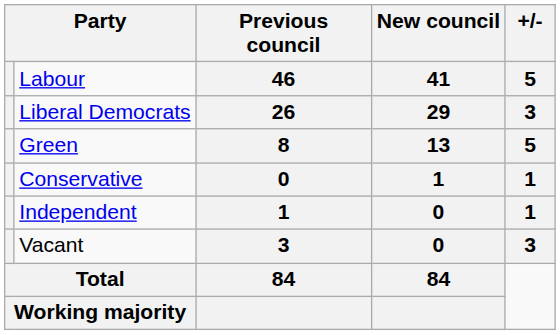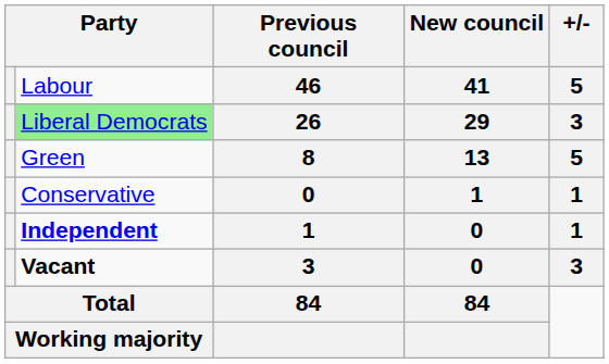 <table class="wikitable">
 <tr>
 <th valign=top colspan="2" style="width: 100px">Party</th>
 <th valign=top style="width: 126px">Previous council</th>
 <th valign=top style="width: 94px">New council</th>
 <th valign=top style="width: 30px">+/-</th>
 </tr>
 <tr>
 <th style="background-color: "></th>
 <td><a href='#'>Labour</a></td>
 <th align=center>46</th>
 <th align=center>41</th>
 <th align=center>5</th>
 </tr>
 <tr>
 <th style="background-color: "></th>
-<td><a href='#'>Liberal Democrats</a></td>
+<td style="background: lightgreen;"><a href='#'>Liberal Democrats</a></td>
 <th align=center>26</th>
 <th align=center>29</th>
 <th align=center>3</th>
 </tr>
 <tr>
 <th style="background-color: "></th>
 <td><a href='#'>Green</a></td>
 <th align=center>8</th>
 <th align=center>13</th>
 <th align=center>5</th>
 </tr>
 <tr>
 <th style="background-color: "></th>
 <td><a href='#'>Conservative</a></td>
 <th align=center>0</th>
 <th align=center>1</th>
 <th align=center>1</th>
 </tr>
 <tr>
 <th style="background-color: "></th>
-<td><a href='#'>Independent</a></td>
+<td><strong><a href='#'>Independent</a></strong></td>
 <th align=center>1</th>
 <th align=center>0</th>
 <th align=center>1</th>
 </tr>
 <tr>
 <th style="background-color: "></th>
-<td>Vacant</td>
+<td><strong>Vacant</strong></td>
 <th align=center>3</th>
 <th align=center>0</th>
 <th align=center>3</th>
 </tr>
 <tr>
 <th colspan=2>Total</th>
 <th style="text-align: center">84</th>
 <th style="text-align: center">84</th>
 </tr>
 <tr>
 <th colspan=2>Working majority</th>
 <th></th>
 <th></th>
 </tr>
 </table>
